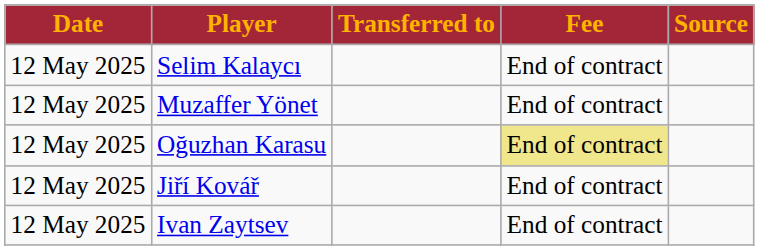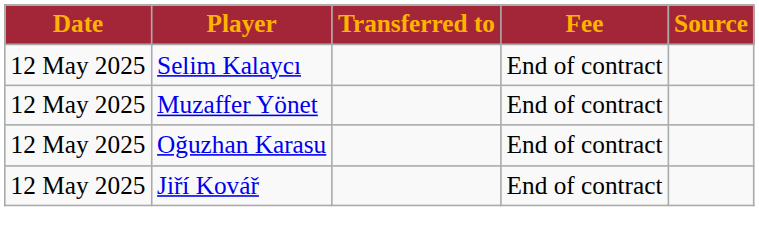 <table class="wikitable plainrowheaders sortable">
 <tr>
 <th style="background:#A32638; color:#FFB300; ">Date</th>
 <th style="background:#A32638; color:#FFB300; ">Player</th>
 <th style="background:#A32638; color:#FFB300; ">Transferred to</th>
 <th style="background:#A32638; color:#FFB300; ">Fee</th>
 <th style="background:#A32638; color:#FFB300; ">Source</th>
 </tr>
 <tr>
 <td>12 May 2025</td>
 <td align=left> <a href='#'>Selim Kalaycı</a></td>
 <td align=left></td>
 <td>End of contract</td>
 <td></td>
 </tr>
 <tr>
 <td>12 May 2025</td>
 <td align=left> <a href='#'>Muzaffer Yönet</a></td>
 <td align=left></td>
 <td>End of contract</td>
 <td></td>
 </tr>
 <tr>
 <td>12 May 2025</td>
 <td align=left> <a href='#'>Oğuzhan Karasu</a></td>
 <td align=left></td>
-<td style="background: khaki;">End of contract</td>
+<td>End of contract</td>
 <td></td>
 </tr>
 <tr>
 <td>12 May 2025</td>
 <td align=left> <a href='#'>Jiří Kovář</a></td>
 <td align=left></td>
 <td>End of contract</td>
 <td></td>
 </tr>
-<tr>
-<td>12 May 2025</td>
-<td align=left> <a href='#'>Ivan Zaytsev</a></td>
-<td align=left></td>
-<td>End of contract</td>
-<td></td>
-</tr>
 </table>
